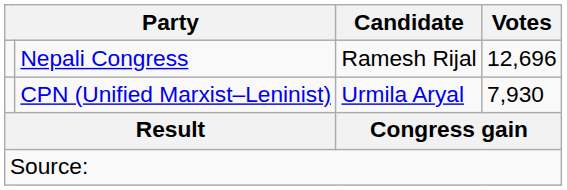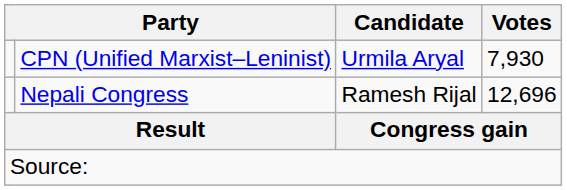 <table class="wikitable">
 <tr>
 <th colspan="2">Party</th>
 <th>Candidate</th>
 <th>Votes</th>
 </tr>
 <tr>
 <td style="background-color:"></td>
+<td><a href='#'>CPN (Unified Marxist–Leninist)</a></td>
+<td><a href='#'>Urmila Aryal</a></td>
+<td>7,930</td>
+</tr>
+<tr>
+<td style="background-color:"></td>
 <td><a href='#'>Nepali Congress</a></td>
 <td>Ramesh Rijal</td>
 <td>12,696</td>
-</tr>
-<tr>
-<td style="background-color:"></td>
-<td><a href='#'>CPN (Unified Marxist–Leninist)</a></td>
-<td><a href='#'>Urmila Aryal</a></td>
-<td>7,930</td>
 </tr>
 <tr>
 <th colspan="2">Result</th>
 <th colspan="2">Congress gain</th>
 </tr>
 <tr>
 <td colspan="4">Source: </td>
 </tr>
 </table>
